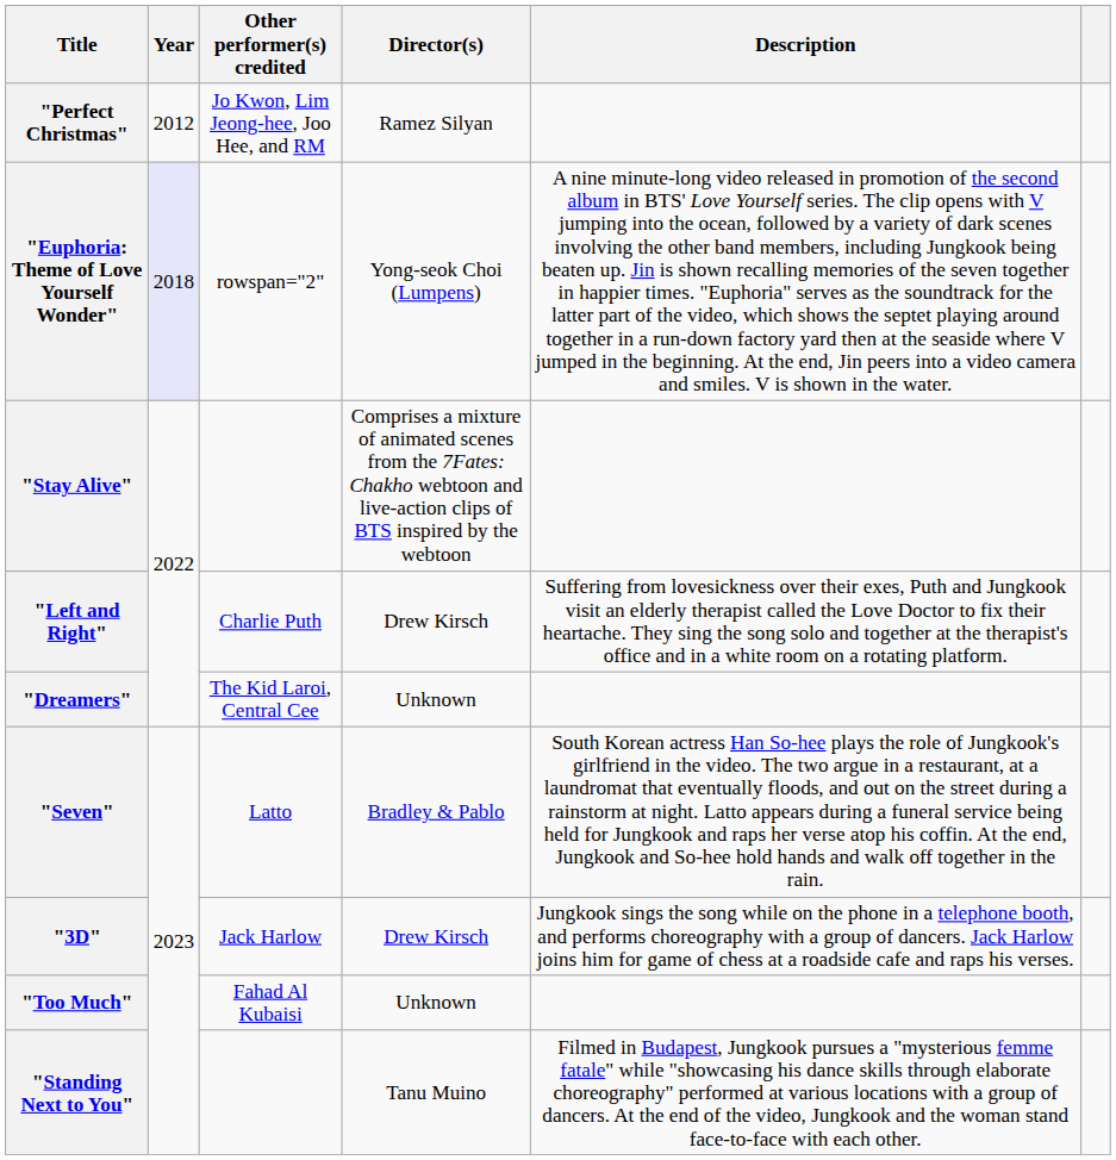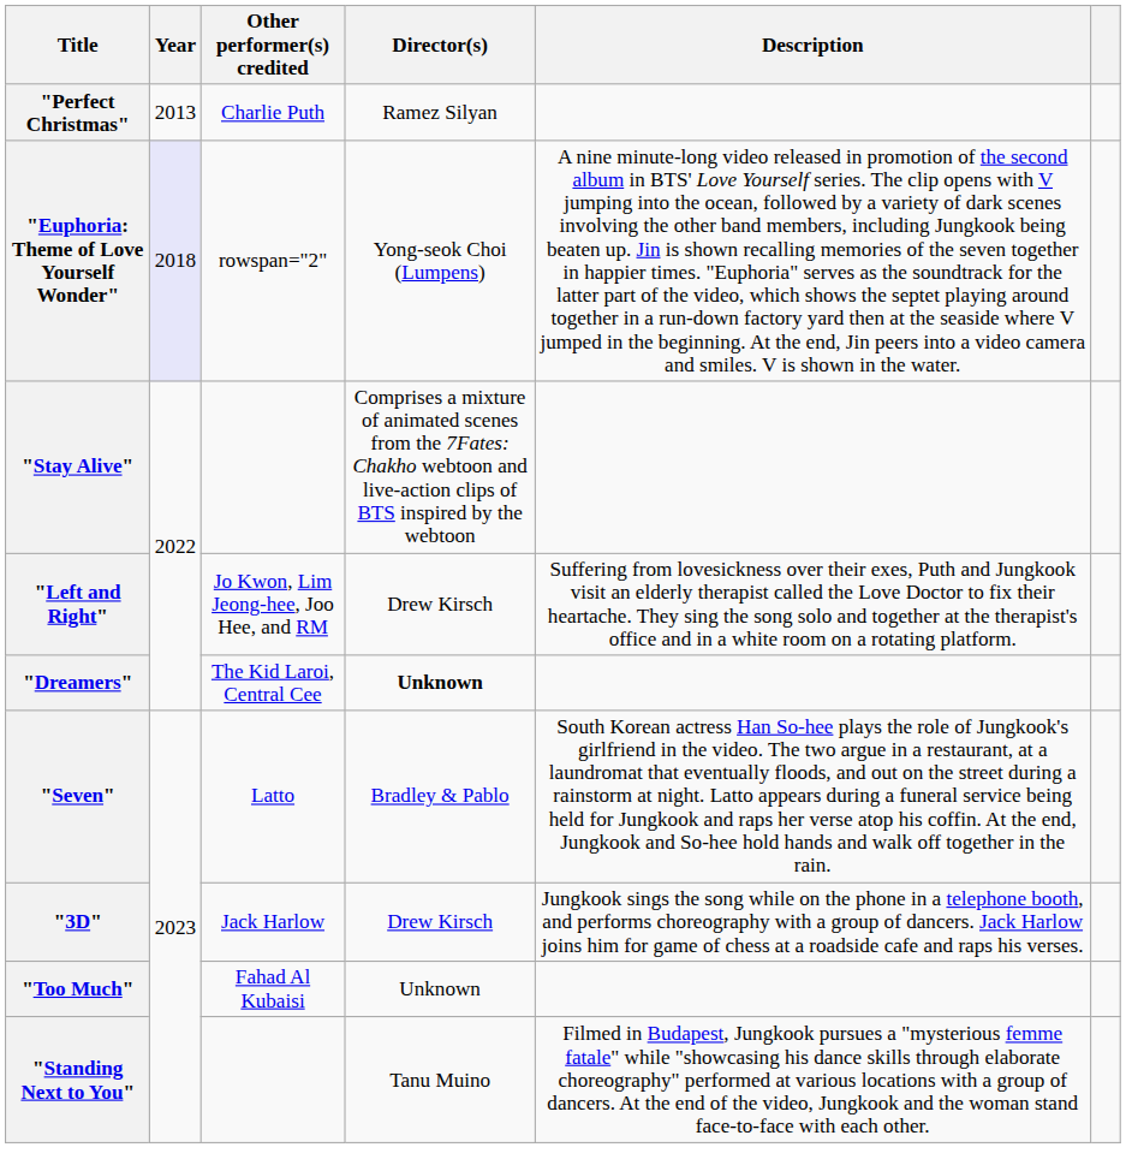 <table class="wikitable sortable plainrowheaders" style="text-align:center;">
 <tr>
 <th scope="col">Title</th>
 <th scope="col">Year</th>
 <th scope="col">Other performer(s) credited</th>
 <th scope="col">Director(s)</th>
 <th scope="col">Description</th>
 <th scope="col" style="width:1em;"></th>
 </tr>
 <tr>
 <th scope="row">"Perfect Christmas"</th>
-<td>2012</td>
-<td><a href='#'>Jo Kwon</a>, <a href='#'>Lim Jeong-hee</a>, Joo Hee, and <a href='#'>RM</a></td>
+<td>2013</td>
+<td><a href='#'>Charlie Puth</a></td>
 <td>Ramez Silyan</td>
 <td></td>
 <td></td>
 </tr>
 <tr>
 <th scope="row">"<a href='#'>Euphoria</a>: Theme of Love Yourself Wonder"</th>
 <td style="background: lavender;">2018</td>
 <td>rowspan="2" </td>
 <td>Yong-seok Choi (<a href='#'>Lumpens</a>)</td>
 <td>A nine minute-long video released in promotion of <a href='#'>the second album</a> in BTS' <em>Love Yourself</em> series. The clip opens with <a href='#'>V</a> jumping into the ocean, followed by a variety of dark scenes involving the other band members, including Jungkook being beaten up. <a href='#'>Jin</a> is shown recalling memories of the seven together in happier times. "Euphoria" serves as the soundtrack for the latter part of the video, which shows the septet playing around together in a run-down factory yard then at the seaside where V jumped in the beginning. At the end, Jin peers into a video camera and smiles. V is shown in the water.</td>
 <td></td>
 </tr>
 <tr>
 <th scope="row">"<a href='#'>Stay Alive</a>"</th>
 <td rowspan="3">2022</td>
 <td></td>
 <td>Comprises a mixture of animated scenes from the <em>7Fates: Chakho</em> webtoon and live-action clips of <a href='#'>BTS</a> inspired by the webtoon</td>
 <td></td>
 </tr>
 <tr>
 <th scope="row">"<a href='#'>Left and Right</a>"</th>
-<td><a href='#'>Charlie Puth</a></td>
+<td><a href='#'>Jo Kwon</a>, <a href='#'>Lim Jeong-hee</a>, Joo Hee, and <a href='#'>RM</a></td>
 <td>Drew Kirsch</td>
 <td>Suffering from lovesickness over their exes, Puth and Jungkook visit an elderly therapist called the Love Doctor to fix their heartache. They sing the song solo and together at the therapist's office and in a white room on a rotating platform.</td>
 <td></td>
 </tr>
 <tr>
 <th scope="row">"<a href='#'>Dreamers</a>"</th>
 <td><a href='#'>The Kid Laroi</a>, <a href='#'>Central Cee</a></td>
-<td>Unknown</td>
+<td><strong>Unknown</strong></td>
 <td></td>
 <td></td>
 </tr>
 <tr>
 <th scope="row">"<a href='#'>Seven</a>"</th>
 <td rowspan="4">2023</td>
 <td><a href='#'>Latto</a></td>
 <td><a href='#'>Bradley & Pablo</a></td>
 <td>South Korean actress <a href='#'>Han So-hee</a> plays the role of Jungkook's girlfriend in the video. The two argue in a restaurant, at a laundromat that eventually floods, and out on the street during a rainstorm at night. Latto appears during a funeral service being held for Jungkook and raps her verse atop his coffin. At the end, Jungkook and So-hee hold hands and walk off together in the rain.</td>
 <td></td>
 </tr>
 <tr>
 <th scope="row">"<a href='#'>3D</a>"</th>
 <td><a href='#'>Jack Harlow</a></td>
 <td><a href='#'>Drew Kirsch</a></td>
 <td>Jungkook sings the song while on the phone in a <a href='#'>telephone booth</a>, and performs choreography with a group of dancers. <a href='#'>Jack Harlow</a> joins him for game of chess at a roadside cafe and raps his verses.</td>
 <td></td>
 </tr>
 <tr>
 <th scope="row">"<a href='#'>Too Much</a>"</th>
 <td><a href='#'>Fahad Al Kubaisi</a></td>
 <td>Unknown</td>
 <td></td>
 <td></td>
 </tr>
 <tr>
 <th scope="row">"<a href='#'>Standing Next to You</a>"</th>
 <td></td>
 <td>Tanu Muino</td>
 <td>Filmed in <a href='#'>Budapest</a>, Jungkook pursues a "mysterious <a href='#'>femme fatale</a>" while "showcasing his dance skills through elaborate choreography" performed at various locations with a group of dancers. At the end of the video, Jungkook and the woman stand face-to-face with each other.</td>
 <td></td>
 </tr>
 </table>
